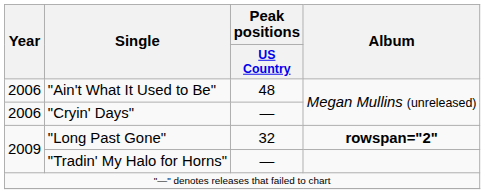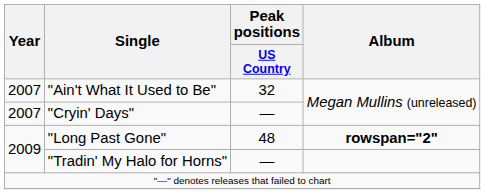 <table class="wikitable" style="text-align:center;">
 <tr>
 <th rowspan="2">Year</th>
 <th rowspan="2">Single</th>
 <th colspan="1">Peak positions</th>
 <th rowspan="2">Album</th>
 </tr>
 <tr style="font-size:smaller;">
 <th width="60"><a href='#'>US Country</a></th>
 </tr>
 <tr>
-<td>2006</td>
+<td>2007</td>
 <td align="left">"Ain't What It Used to Be"</td>
-<td>48</td>
+<td>32</td>
 <td align="left" rowspan="2"><em>Megan Mullins</em> <small>(unreleased)</small></td>
 </tr>
 <tr>
-<td>2006</td>
+<td>2007</td>
 <td align="left">"Cryin' Days"</td>
 <td>—</td>
 </tr>
 <tr>
 <td rowspan="2">2009</td>
 <td align="left">"Long Past Gone"</td>
-<td>32</td>
+<td>48</td>
 <td><strong>rowspan="2" </strong></td>
 </tr>
 <tr>
 <td align="left">"Tradin' My Halo for Horns"</td>
 <td>—</td>
 </tr>
 <tr>
 <td colspan="4" style="font-size:8pt">"—" denotes releases that failed to chart</td>
 </tr>
 <tr>
 </tr>
 </table>
